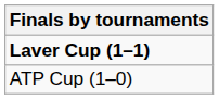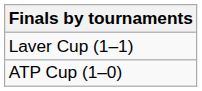 <table class="wikitable" style=font-size:90%>
 <tr>
 <th>Finals by tournaments</th>
 </tr>
 <tr>
-<td><strong>Laver Cup (1–1)</strong></td>
+<td>Laver Cup (1–1)</td>
 </tr>
 <tr>
 <td>ATP Cup (1–0)</td>
 </tr>
 </table>
